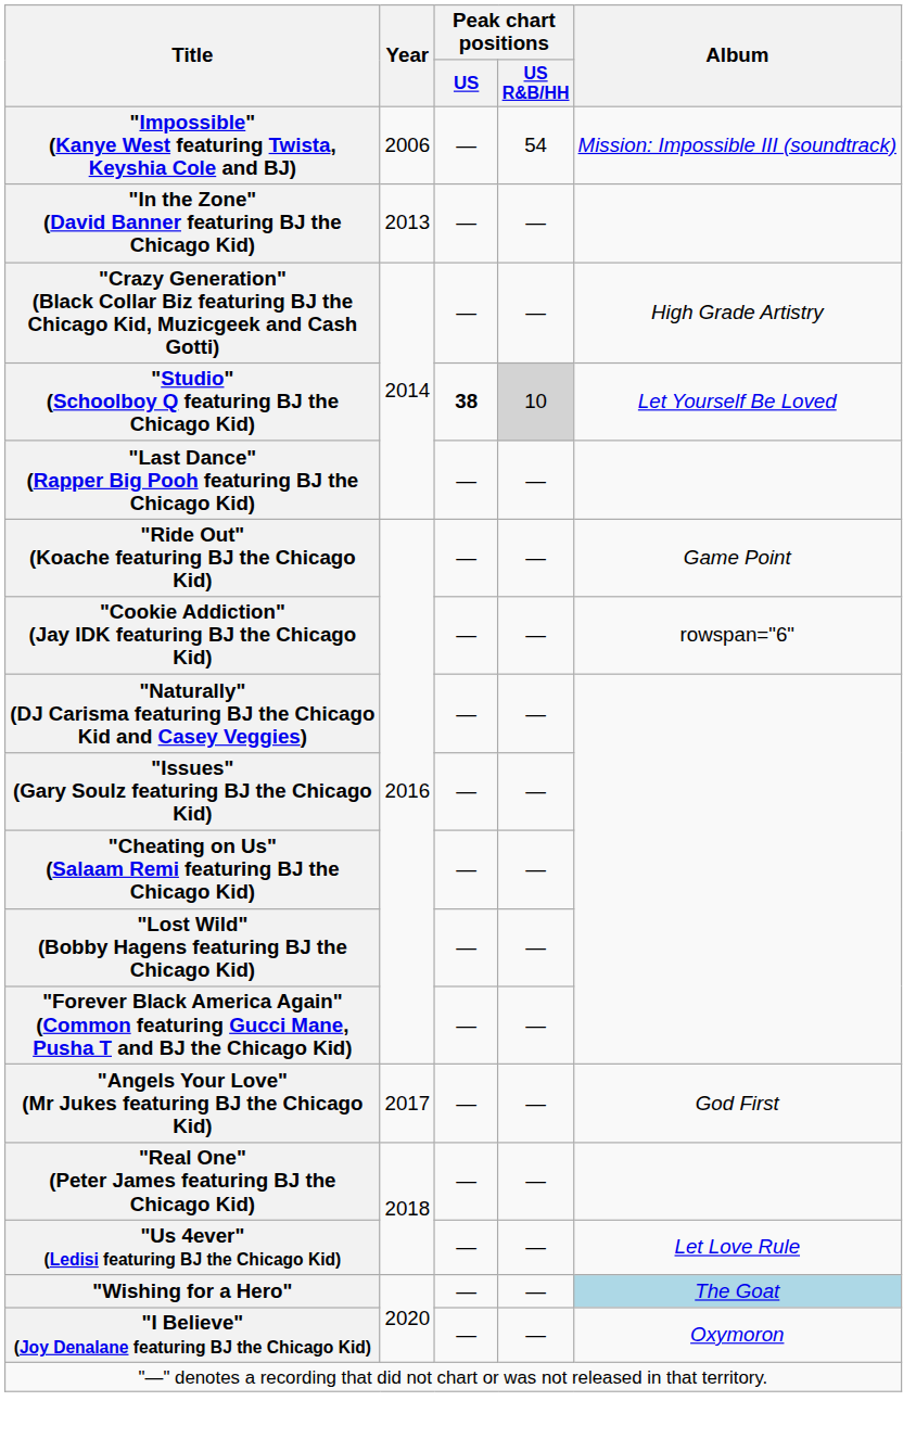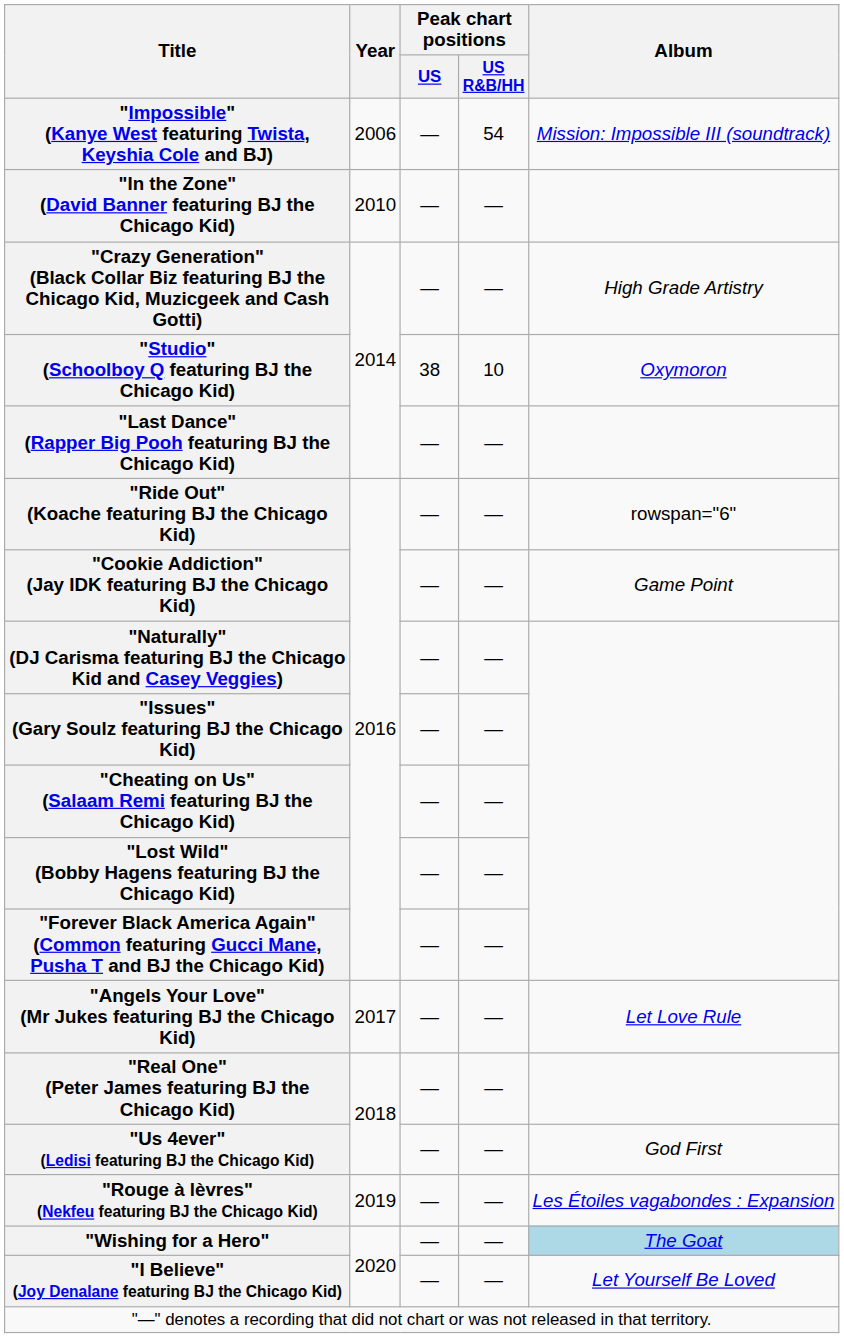 <table class="wikitable plainrowheaders" style="text-align:center;">
 <tr>
 <th scope="col" rowspan="2" style="width:18em;">Title</th>
 <th scope="col" rowspan="2">Year</th>
 <th scope="col" colspan="2">Peak chart positions</th>
 <th scope="col" rowspan="2">Album</th>
 </tr>
 <tr>
 <th scope="col" style="width:3em;font-size:90%;"><a href='#'>US</a></th>
 <th scope="col" style="width:3em;font-size:85%;"><a href='#'>US<br>R&B/HH</a></th>
 </tr>
 <tr>
 <th scope="row">"<a href='#'>Impossible</a>"<br><span>(<a href='#'>Kanye West</a> featuring <a href='#'>Twista</a>, <a href='#'>Keyshia Cole</a> and BJ)</span></th>
 <td>2006</td>
 <td>—</td>
 <td>54</td>
 <td><em><a href='#'>Mission: Impossible III (soundtrack)</a></em></td>
 </tr>
 <tr>
 <th scope="row">"In the Zone"<br><span>(<a href='#'>David Banner</a> featuring BJ the Chicago Kid)</span></th>
-<td>2013</td>
+<td>2010</td>
 <td>—</td>
 <td>—</td>
 <td></td>
 </tr>
 <tr>
 <th scope="row">"Crazy Generation"<br><span>(Black Collar Biz featuring BJ the Chicago Kid, Muzicgeek and Cash Gotti)</span></th>
 <td rowspan="3">2014</td>
 <td>—</td>
 <td>—</td>
 <td><em>High Grade Artistry</em></td>
 </tr>
 <tr>
 <th scope="row">"<a href='#'>Studio</a>"<br><span>(<a href='#'>Schoolboy Q</a> featuring BJ the Chicago Kid)</span></th>
-<td><strong>38</strong></td>
-<td style="background: lightgrey;">10</td>
-<td><em><a href='#'>Let Yourself Be Loved</a></em></td>
+<td>38</td>
+<td>10</td>
+<td><em><a href='#'>Oxymoron</a></em></td>
 </tr>
 <tr>
 <th scope="row">"Last Dance"<br><span>(<a href='#'>Rapper Big Pooh</a> featuring BJ the Chicago Kid)</span></th>
 <td>—</td>
 <td>—</td>
 <td></td>
 </tr>
 <tr>
 <th scope="row">"Ride Out"<br><span>(Koache featuring BJ the Chicago Kid)</span></th>
 <td rowspan="7">2016</td>
 <td>—</td>
 <td>—</td>
-<td><em>Game Point</em></td>
+<td>rowspan="6" </td>
 </tr>
 <tr>
 <th scope="row">"Cookie Addiction"<br><span>(Jay IDK featuring BJ the Chicago Kid)</span></th>
 <td>—</td>
 <td>—</td>
-<td>rowspan="6" </td>
+<td><em>Game Point</em></td>
 </tr>
 <tr>
 <th scope="row">"Naturally"<br><span>(DJ Carisma featuring BJ the Chicago Kid and <a href='#'>Casey Veggies</a>)</span></th>
 <td>—</td>
 <td>—</td>
 </tr>
 <tr>
 <th scope="row">"Issues"<br><span>(Gary Soulz featuring BJ the Chicago Kid)</span></th>
 <td>—</td>
 <td>—</td>
 </tr>
 <tr>
 <th scope="row">"Cheating on Us"<br><span>(<a href='#'>Salaam Remi</a> featuring BJ the Chicago Kid)</span></th>
 <td>—</td>
 <td>—</td>
 </tr>
 <tr>
 <th scope="row">"Lost Wild"<br><span>(Bobby Hagens featuring BJ the Chicago Kid)</span></th>
 <td>—</td>
 <td>—</td>
 </tr>
 <tr>
 <th scope="row">"Forever Black America Again"<br><span>(<a href='#'>Common</a> featuring <a href='#'>Gucci Mane</a>, <a href='#'>Pusha T</a> and BJ the Chicago Kid)</span></th>
 <td>—</td>
 <td>—</td>
 </tr>
 <tr>
 <th scope="row">"Angels Your Love"<br><span>(Mr Jukes featuring BJ the Chicago Kid)</span></th>
 <td>2017</td>
 <td>—</td>
 <td>—</td>
-<td><em>God First</em></td>
+<td><em><a href='#'>Let Love Rule</a></em></td>
 </tr>
 <tr>
 <th scope="row">"Real One"<br><span>(Peter James featuring BJ the Chicago Kid)</span></th>
 <td rowspan="2">2018</td>
 <td>—</td>
 <td>—</td>
 <td></td>
 </tr>
 <tr>
 <th scope="row">"Us 4ever" <br><small>(<a href='#'>Ledisi</a> featuring BJ the Chicago Kid)</small></th>
 <td>—</td>
 <td>—</td>
-<td><em><a href='#'>Let Love Rule</a></em></td>
+<td><em>God First</em></td>
+</tr>
+<tr>
+<th scope="row">"Rouge à lèvres" <br><small>(<a href='#'>Nekfeu</a> featuring BJ the Chicago Kid)</small></th>
+<td>2019</td>
+<td>—</td>
+<td>—</td>
+<td><em><a href='#'>Les Étoiles vagabondes : Expansion</a></em></td>
 </tr>
 <tr>
 <th scope="row">"Wishing for a Hero"<br></th>
 <td rowspan="2">2020</td>
 <td>—</td>
 <td>—</td>
 <td style="background: lightblue;"><em><a href='#'>The Goat</a></em></td>
 </tr>
 <tr>
 <th scope="row">"I Believe" <br><small>(<a href='#'>Joy Denalane</a> featuring BJ the Chicago Kid)</small></th>
 <td>—</td>
 <td>—</td>
-<td><em><a href='#'>Oxymoron</a></em></td>
+<td><em><a href='#'>Let Yourself Be Loved</a></em></td>
 </tr>
 <tr>
 <td colspan="5" style="font-size:90%">"—" denotes a recording that did not chart or was not released in that territory.</td>
 </tr>
 </table>
